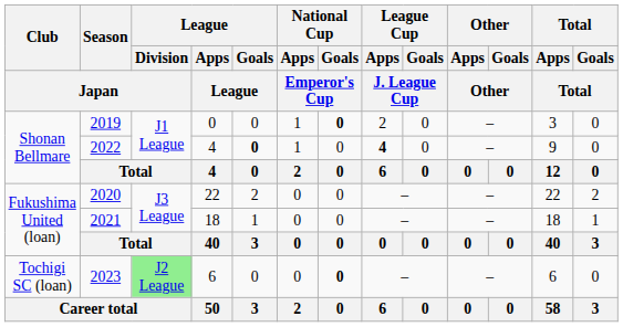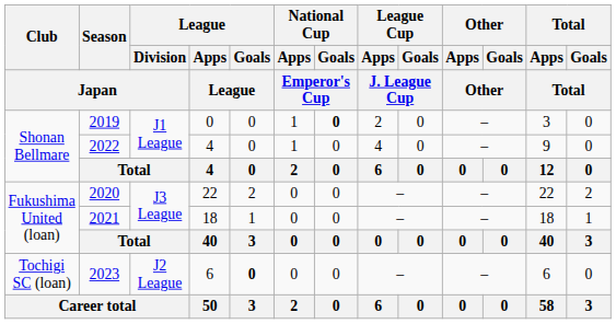 <table class="wikitable" style="text-align: center">
 <tr>
 <th rowspan="2">Club</th>
 <th rowspan="2">Season</th>
 <th colspan="3">League</th>
 <th colspan="2">National Cup</th>
 <th colspan="2">League Cup</th>
 <th colspan="2">Other</th>
 <th colspan="2">Total</th>
 </tr>
 <tr>
 <th>Division</th>
 <th>Apps</th>
 <th>Goals</th>
 <th>Apps</th>
 <th>Goals</th>
 <th>Apps</th>
 <th>Goals</th>
 <th>Apps</th>
 <th>Goals</th>
 <th>Apps</th>
 <th>Goals</th>
 </tr>
 <tr>
 <th colspan=3>Japan</th>
 <th colspan=2>League</th>
 <th colspan=2><a href='#'>Emperor's Cup</a></th>
 <th colspan=2><a href='#'>J. League Cup</a></th>
 <th colspan=2>Other</th>
 <th colspan=2>Total</th>
 </tr>
 <tr>
 <td rowspan="3"><a href='#'>Shonan Bellmare</a></td>
 <td><a href='#'>2019</a></td>
 <td rowspan="2"><a href='#'>J1 League</a></td>
 <td>0</td>
 <td>0</td>
 <td>1</td>
 <td><strong>0</strong></td>
 <td>2</td>
 <td>0</td>
 <td colspan="2">–</td>
 <td>3</td>
 <td>0</td>
 </tr>
 <tr>
 <td><a href='#'>2022</a></td>
 <td>4</td>
-<td><strong>0</strong></td>
+<td>0</td>
 <td>1</td>
 <td>0</td>
-<td><strong>4</strong></td>
+<td>4</td>
 <td>0</td>
 <td colspan="2">–</td>
 <td>9</td>
 <td>0</td>
 </tr>
 <tr>
 <th colspan=2>Total</th>
 <th>4</th>
 <th>0</th>
 <th>2</th>
 <th>0</th>
 <th>6</th>
 <th>0</th>
 <th>0</th>
 <th>0</th>
 <th>12</th>
 <th>0</th>
 </tr>
 <tr>
 <td rowspan="3"><a href='#'>Fukushima United</a> (loan)</td>
 <td><a href='#'>2020</a></td>
 <td rowspan="2"><a href='#'>J3 League</a></td>
 <td>22</td>
 <td>2</td>
 <td>0</td>
 <td>0</td>
 <td colspan="2">–</td>
 <td colspan="2">–</td>
 <td>22</td>
 <td>2</td>
 </tr>
 <tr>
 <td><a href='#'>2021</a></td>
 <td>18</td>
 <td>1</td>
 <td>0</td>
 <td>0</td>
 <td colspan="2">–</td>
 <td colspan="2">–</td>
 <td>18</td>
 <td>1</td>
 </tr>
 <tr>
 <th colspan=2>Total</th>
 <th>40</th>
 <th>3</th>
 <th>0</th>
 <th>0</th>
 <th>0</th>
 <th>0</th>
 <th>0</th>
 <th>0</th>
 <th>40</th>
 <th>3</th>
 </tr>
 <tr>
 <td><a href='#'>Tochigi SC</a> (loan)</td>
 <td><a href='#'>2023</a></td>
-<td style="background: lightgreen;"><a href='#'>J2 League</a></td>
+<td><a href='#'>J2 League</a></td>
 <td>6</td>
+<td><strong>0</strong></td>
 <td>0</td>
 <td>0</td>
-<td><strong>0</strong></td>
 <td colspan="2">–</td>
 <td colspan="2">–</td>
 <td>6</td>
 <td>0</td>
 </tr>
 <tr>
 <th colspan=3>Career total</th>
 <th>50</th>
 <th>3</th>
 <th>2</th>
 <th>0</th>
 <th>6</th>
 <th>0</th>
 <th>0</th>
 <th>0</th>
 <th>58</th>
 <th>3</th>
 </tr>
 </table>
